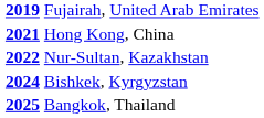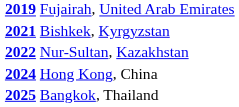 <table>
 <tr>
 <th><a href='#'>2019</a></th>
 <td><a href='#'>Fujairah</a>, <a href='#'>United Arab Emirates</a></td>
 <td colspan=2></td>
 <td colspan=2></td>
 <td></td>
 <td></td>
 </tr>
 <tr>
 <th><a href='#'>2021</a></th>
-<td><a href='#'>Hong Kong</a>, China</td>
+<td><a href='#'>Bishkek</a>, <a href='#'>Kyrgyzstan</a></td>
 <td colspan=2></td>
 <td colspan=2></td>
 <td></td>
 <td></td>
 </tr>
 <tr>
 <th><a href='#'>2022</a></th>
 <td><a href='#'>Nur-Sultan</a>, <a href='#'>Kazakhstan</a></td>
 <td colspan=2></td>
 <td colspan=2></td>
 <td></td>
 <td></td>
 </tr>
 <tr>
 <th><a href='#'>2024</a></th>
-<td><a href='#'>Bishkek</a>, <a href='#'>Kyrgyzstan</a></td>
+<td><a href='#'>Hong Kong</a>, China</td>
 <td colspan=2></td>
 <td colspan=2></td>
 <td></td>
 <td></td>
 </tr>
 <tr>
 <th><a href='#'>2025</a></th>
 <td><a href='#'>Bangkok</a>, Thailand</td>
 <td colspan=2></td>
 <td colspan=2></td>
 <td></td>
 <td></td>
 </tr>
 </table>
